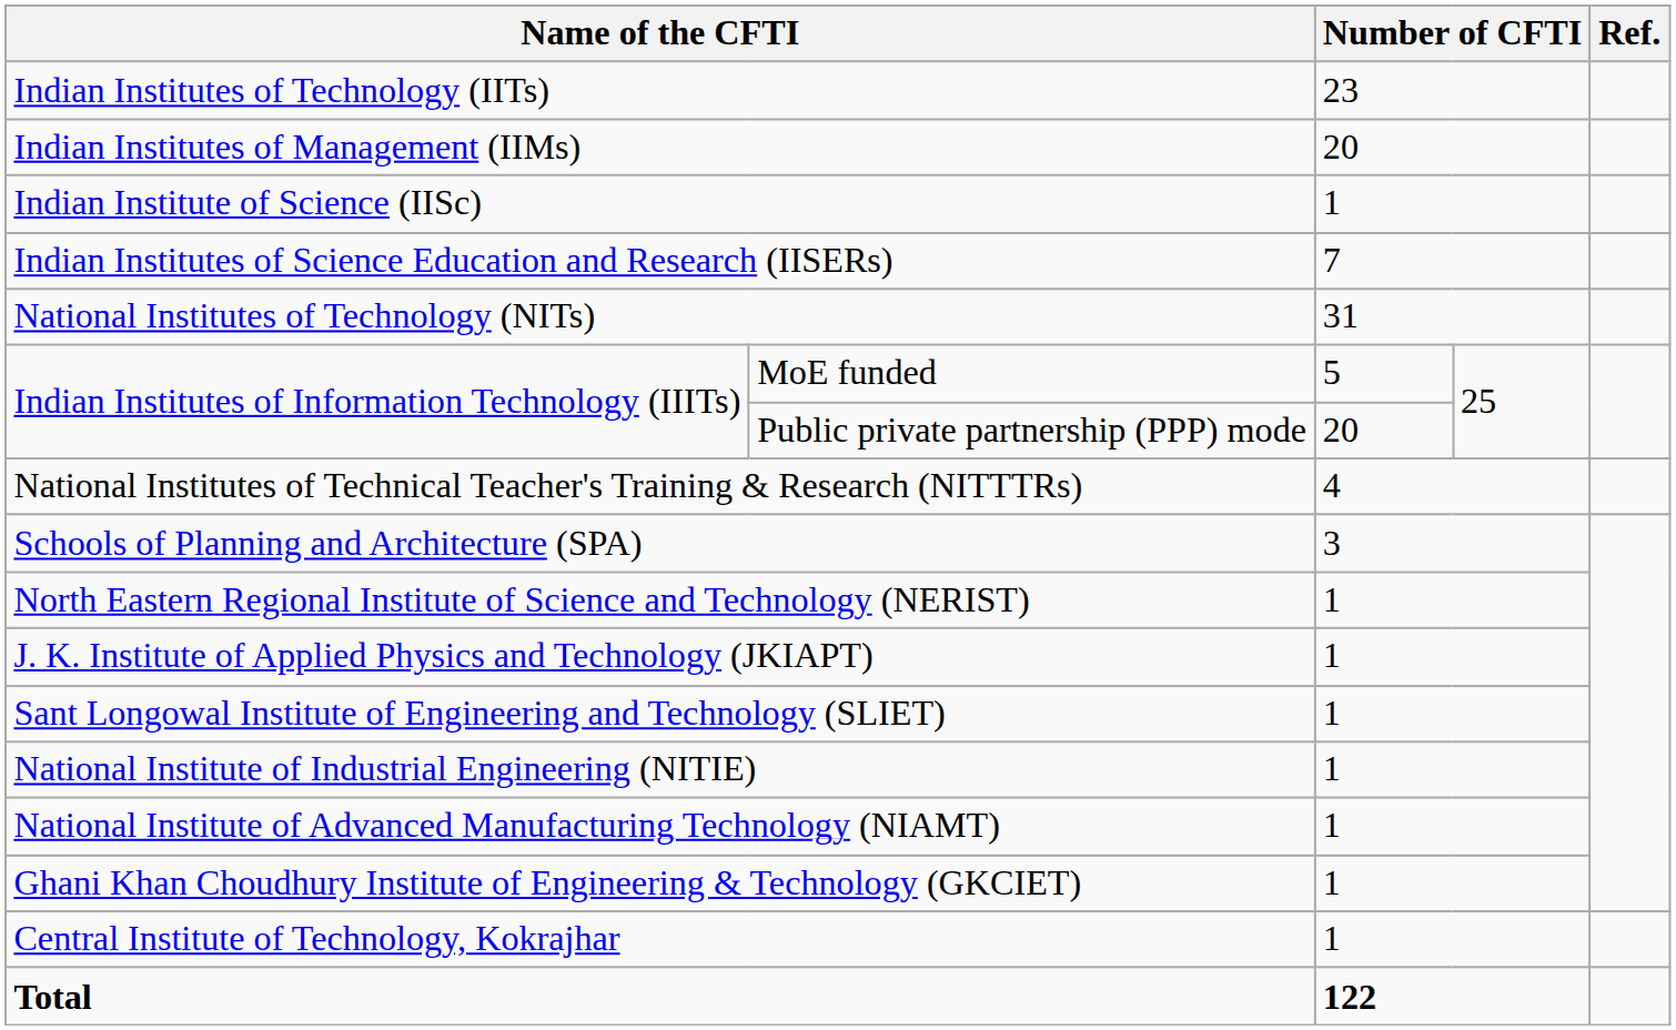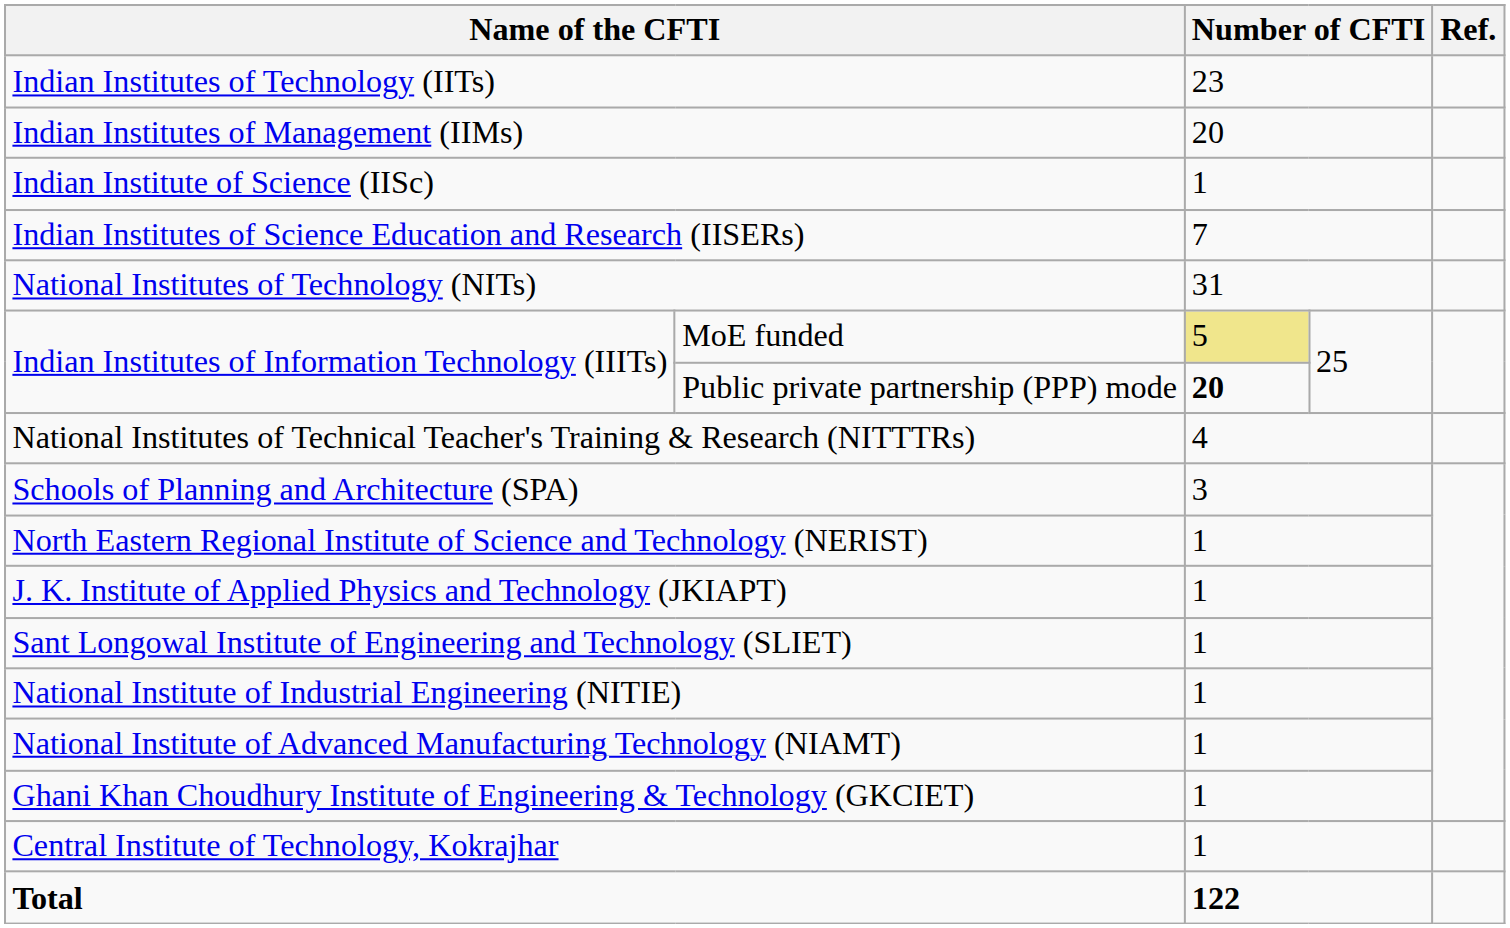 <table class="wikitable">
 <tr>
 <th colspan="2">Name of the CFTI</th>
 <th colspan="2">Number of CFTI</th>
 <th>Ref.</th>
 </tr>
 <tr>
 <td colspan="2"><a href='#'>Indian Institutes of Technology</a> (IITs)</td>
 <td colspan="2">23</td>
 <td></td>
 </tr>
 <tr>
 <td colspan="2"><a href='#'>Indian Institutes of Management</a> (IIMs)</td>
 <td colspan="2">20</td>
 <td></td>
 </tr>
 <tr>
 <td colspan="2"><a href='#'>Indian Institute of Science</a> (IISc)</td>
 <td colspan="2">1</td>
 <td></td>
 </tr>
 <tr>
 <td colspan="2"><a href='#'>Indian Institutes of Science Education and Research</a> (IISERs)</td>
 <td colspan="2">7</td>
 <td></td>
 </tr>
 <tr>
 <td colspan="2"><a href='#'>National Institutes of Technology</a> (NITs)</td>
 <td colspan="2">31</td>
 <td></td>
 </tr>
 <tr>
 <td rowspan="2"><a href='#'>Indian Institutes of Information Technology</a> (IIITs)</td>
 <td>MoE funded</td>
-<td>5</td>
+<td style="background: khaki;">5</td>
 <td rowspan="2">25</td>
 <td rowspan="2"></td>
 </tr>
 <tr>
 <td>Public private partnership (PPP) mode</td>
-<td>20</td>
+<td><strong>20</strong></td>
 </tr>
 <tr>
 <td colspan="2">National Institutes of Technical Teacher's Training & Research (NITTTRs)</td>
 <td colspan="2">4</td>
 <td></td>
 </tr>
 <tr>
 <td colspan="2"><a href='#'>Schools of Planning and Architecture</a> (SPA)</td>
 <td colspan="2">3</td>
 <td rowspan="7"></td>
 </tr>
 <tr>
 <td colspan="2"><a href='#'>North Eastern Regional Institute of Science and Technology</a> (NERIST)</td>
 <td colspan="2">1</td>
 </tr>
 <tr>
 <td colspan="2"><a href='#'>J. K. Institute of Applied Physics and Technology</a> (JKIAPT)</td>
 <td colspan="2">1</td>
 </tr>
 <tr>
 <td colspan="2"><a href='#'>Sant Longowal Institute of Engineering and Technology</a> (SLIET)</td>
 <td colspan="2">1</td>
 </tr>
 <tr>
 <td colspan="2"><a href='#'>National Institute of Industrial Engineering</a> (NITIE)</td>
 <td colspan="2">1</td>
 </tr>
 <tr>
 <td colspan="2"><a href='#'>National Institute of Advanced Manufacturing Technology</a> (NIAMT)</td>
 <td colspan="2">1</td>
 </tr>
 <tr>
 <td colspan="2"><a href='#'>Ghani Khan Choudhury Institute of Engineering & Technology</a> (GKCIET)</td>
 <td colspan="2">1</td>
 </tr>
 <tr>
 <td colspan="2"><a href='#'>Central Institute of Technology, Kokrajhar</a></td>
 <td colspan="2">1</td>
 </tr>
 <tr>
 <td colspan="2"><strong>Total</strong></td>
 <td colspan="2"><strong>122</strong></td>
 <td></td>
 </tr>
 </table>
